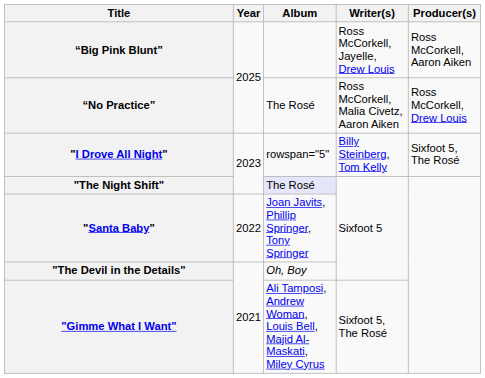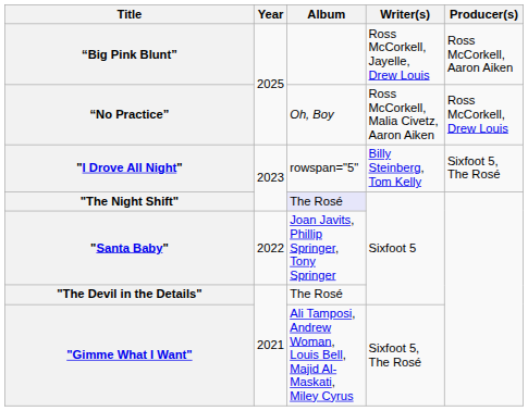 <table class="wikitable plainrowheaders" style="text-align:left;">
 <tr>
 <th scope="col" style="width:20em;">Title</th>
 <th scope="col" style="width:2em;">Year</th>
 <th scope="col" style="width:6em;">Album</th>
 <th scope="col" style="width:6em;">Writer(s)</th>
 <th scope="col" style="width:6em;">Producer(s)</th>
 </tr>
 <tr>
 <th scope="row">“Big Pink Blunt”</th>
 <td rowspan="2">2025</td>
 <td></td>
 <td>Ross McCorkell, Jayelle, <a href='#'>Drew Louis</a></td>
 <td>Ross McCorkell, Aaron Aiken</td>
 </tr>
 <tr>
 <th scope="row">“No Practice”</th>
-<td>The Rosé</td>
+<td><em>Oh, Boy</em></td>
 <td>Ross McCorkell, Malia Civetz, Aaron Aiken</td>
 <td>Ross McCorkell, <a href='#'>Drew Louis</a></td>
 </tr>
 <tr>
 <th scope="row">"<a href='#'>I Drove All Night</a>"</th>
 <td rowspan="2">2023</td>
 <td>rowspan="5"</td>
 <td><a href='#'>Billy Steinberg</a>, <a href='#'>Tom Kelly</a></td>
 <td>Sixfoot 5, The Rosé</td>
 </tr>
 <tr>
 <th scope="row">"The Night Shift"</th>
 <td style="background: lavender;">The Rosé</td>
 <td rowspan="3">Sixfoot 5</td>
 </tr>
 <tr>
 <th scope="row">"<a href='#'>Santa Baby</a>"</th>
 <td>2022</td>
 <td><a href='#'>Joan Javits</a>, <a href='#'>Phillip Springer</a>, <a href='#'>Tony Springer</a></td>
 </tr>
 <tr>
 <th scope="row">"The Devil in the Details"</th>
 <td rowspan="2">2021</td>
-<td><em>Oh, Boy</em></td>
+<td>The Rosé</td>
 </tr>
 <tr>
 <th scope="row"><a href='#'>"Gimme What I Want"</a></th>
 <td><a href='#'>Ali Tamposi</a>, <a href='#'>Andrew Woman</a>, <a href='#'>Louis Bell</a>, <a href='#'>Majid Al-Maskati</a>, <a href='#'>Miley Cyrus</a></td>
 <td>Sixfoot 5, The Rosé</td>
 </tr>
 </table>
